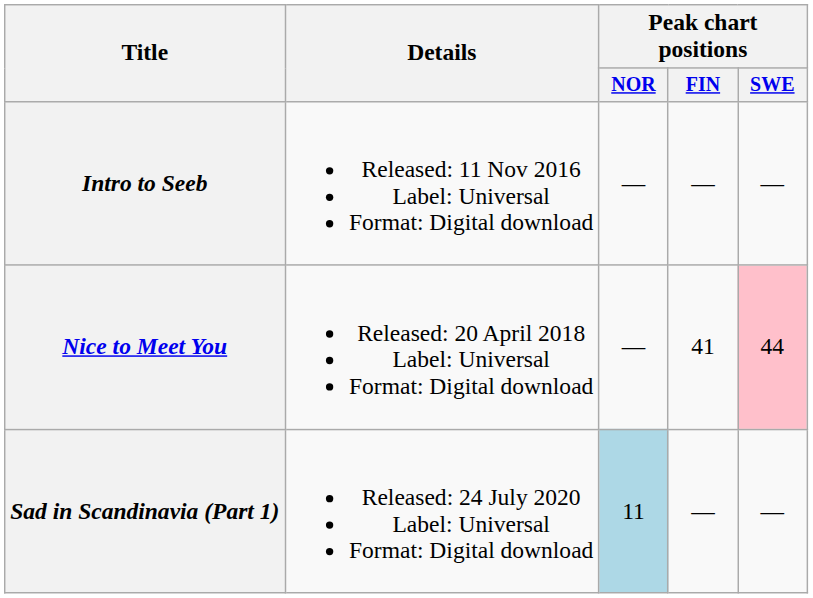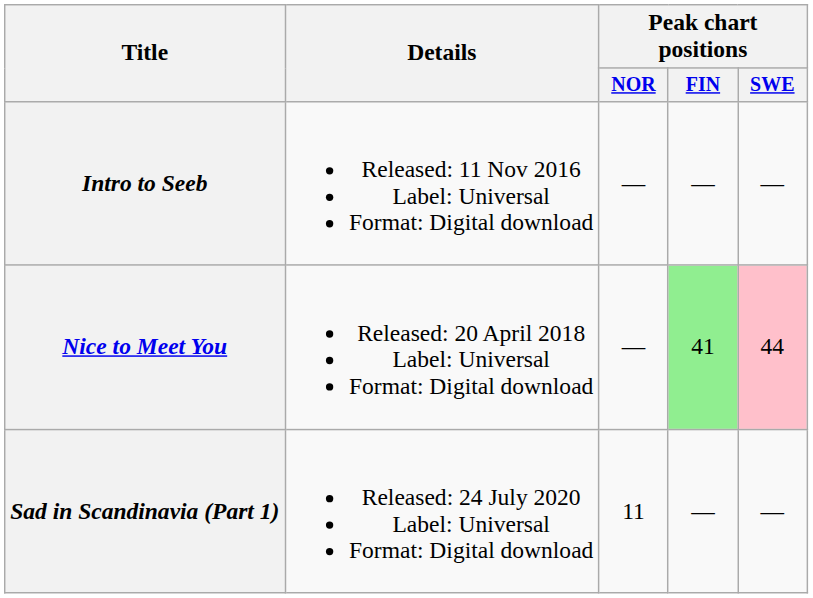 <table class="wikitable plainrowheaders" style="text-align:center">
 <tr>
 <th scope="col" rowspan="2">Title</th>
 <th scope="col" rowspan="2">Details</th>
 <th scope="col" colspan="3">Peak chart positions</th>
 </tr>
 <tr>
 <th scope="col" style="width:3em;font-size:85%;"><a href='#'>NOR</a><br></th>
 <th scope="col" style="width:3em;font-size:85%;"><a href='#'>FIN</a><br></th>
 <th scope="col" style="width:3em;font-size:85%;"><a href='#'>SWE</a><br></th>
 </tr>
 <tr>
 <th scope="row"><em>Intro to Seeb</em></th>
 <td><br><ul><li>Released: 11 Nov 2016</li><li>Label: Universal</li><li>Format: Digital download</li></ul></td>
 <td>—</td>
 <td>—</td>
 <td>—</td>
 </tr>
 <tr>
 <th scope="row"><em><a href='#'>Nice to Meet You</a></em></th>
 <td><br><ul><li>Released: 20 April 2018</li><li>Label: Universal</li><li>Format: Digital download</li></ul></td>
 <td>—</td>
-<td>41</td>
+<td style="background: lightgreen;">41</td>
 <td style="background: pink;">44</td>
 </tr>
 <tr>
 <th scope="row"><em>Sad in Scandinavia (Part 1)</em></th>
 <td><br><ul><li>Released: 24 July 2020</li><li>Label: Universal</li><li>Format: Digital download</li></ul></td>
-<td style="background: lightblue;">11</td>
+<td>11</td>
 <td>—</td>
 <td>—</td>
 </tr>
 </table>
